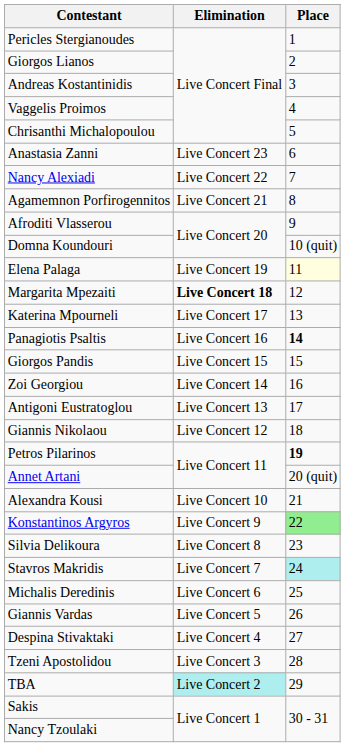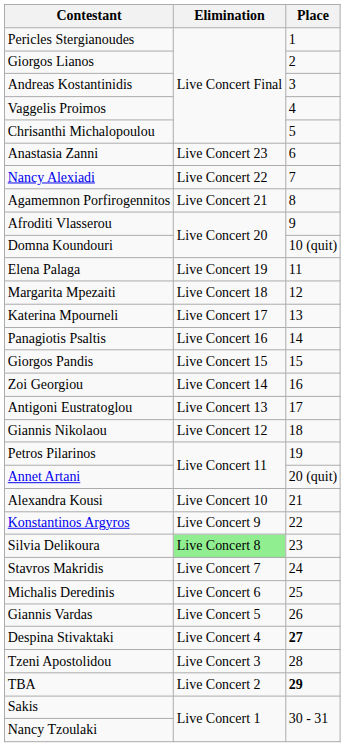 <table class="wikitable" style="font-size:90%;">
 <tr>
 <th>Contestant</th>
 <th>Elimination</th>
 <th>Place</th>
 </tr>
 <tr>
 <td>Pericles Stergianoudes </td>
 <td rowspan="5">Live Concert Final</td>
 <td>1</td>
 </tr>
 <tr>
 <td>Giorgos Lianos</td>
 <td>2</td>
 </tr>
 <tr>
 <td>Andreas Kostantinidis</td>
 <td>3</td>
 </tr>
 <tr>
 <td>Vaggelis Proimos</td>
 <td>4</td>
 </tr>
 <tr>
 <td>Chrisanthi Michalopoulou</td>
 <td>5</td>
 </tr>
 <tr>
 <td>Anastasia Zanni </td>
 <td>Live Concert 23</td>
 <td>6</td>
 </tr>
 <tr>
 <td><a href='#'>Nancy Alexiadi</a></td>
 <td>Live Concert 22</td>
 <td>7</td>
 </tr>
 <tr>
 <td>Agamemnon Porfirogennitos </td>
 <td>Live Concert 21</td>
 <td>8</td>
 </tr>
 <tr>
 <td>Afroditi Vlasserou </td>
 <td rowspan="2">Live Concert 20</td>
 <td>9</td>
 </tr>
 <tr>
 <td>Domna Koundouri </td>
 <td>10 (quit)</td>
 </tr>
 <tr>
 <td>Elena Palaga </td>
 <td>Live Concert 19</td>
-<td style="background: lightyellow;">11</td>
+<td>11</td>
 </tr>
 <tr>
 <td>Margarita Mpezaiti </td>
-<td><strong>Live Concert 18</strong></td>
+<td>Live Concert 18</td>
 <td>12</td>
 </tr>
 <tr>
 <td>Katerina Mpourneli</td>
 <td>Live Concert 17</td>
 <td>13</td>
 </tr>
 <tr>
 <td>Panagiotis Psaltis </td>
 <td>Live Concert 16</td>
-<td><strong>14</strong></td>
+<td>14</td>
 </tr>
 <tr>
 <td>Giorgos Pandis </td>
 <td>Live Concert 15</td>
 <td>15</td>
 </tr>
 <tr>
 <td>Zoi Georgiou</td>
 <td>Live Concert 14</td>
 <td>16</td>
 </tr>
 <tr>
 <td>Antigoni Eustratoglou</td>
 <td>Live Concert 13</td>
 <td>17</td>
 </tr>
 <tr>
 <td>Giannis Nikolaou</td>
 <td>Live Concert 12</td>
 <td>18</td>
 </tr>
 <tr>
 <td>Petros Pilarinos </td>
 <td rowspan="2">Live Concert 11</td>
-<td><strong>19</strong></td>
+<td>19</td>
 </tr>
 <tr>
 <td><a href='#'>Annet Artani</a> </td>
 <td>20 (quit)</td>
 </tr>
 <tr>
 <td>Alexandra Kousi</td>
 <td>Live Concert 10</td>
 <td>21</td>
 </tr>
 <tr>
 <td><a href='#'>Konstantinos Argyros</a></td>
 <td>Live Concert 9</td>
-<td style="background: lightgreen;">22</td>
+<td>22</td>
 </tr>
 <tr>
 <td>Silvia Delikoura</td>
-<td>Live Concert 8</td>
+<td style="background: lightgreen;">Live Concert 8</td>
 <td>23</td>
 </tr>
 <tr>
 <td>Stavros Makridis</td>
 <td>Live Concert 7</td>
-<td style="background: paleturquoise;">24</td>
+<td>24</td>
 </tr>
 <tr>
 <td>Michalis Deredinis</td>
 <td>Live Concert 6</td>
 <td>25</td>
 </tr>
 <tr>
 <td>Giannis Vardas</td>
 <td>Live Concert 5</td>
 <td>26</td>
 </tr>
 <tr>
 <td>Despina Stivaktaki</td>
 <td>Live Concert 4</td>
-<td>27</td>
+<td><strong>27</strong></td>
 </tr>
 <tr>
 <td>Tzeni Apostolidou</td>
 <td>Live Concert 3</td>
 <td>28</td>
 </tr>
 <tr>
 <td>TBA</td>
-<td style="background: paleturquoise;">Live Concert 2</td>
-<td>29</td>
+<td>Live Concert 2</td>
+<td><strong>29</strong></td>
 </tr>
 <tr>
 <td>Sakis</td>
 <td rowspan="2">Live Concert 1</td>
 <td rowspan="2">30 - 31</td>
 </tr>
 <tr>
 <td>Nancy Tzoulaki</td>
 </tr>
 </table>
